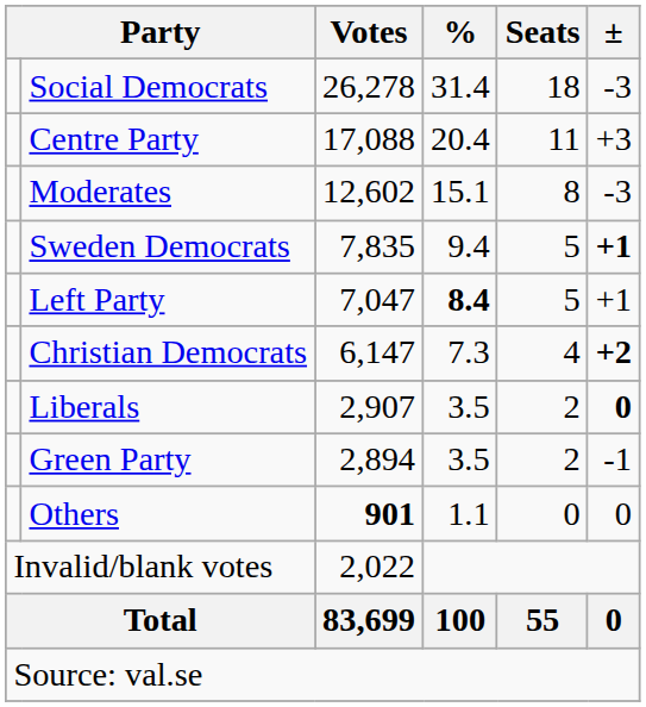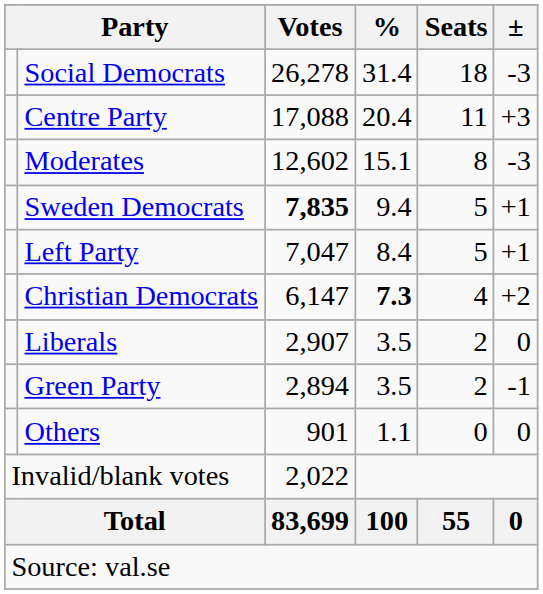 <table class=wikitable style=text-align:right>
 <tr>
 <th colspan=2>Party</th>
 <th>Votes</th>
 <th>%</th>
 <th>Seats</th>
 <th>±</th>
 </tr>
 <tr>
 <td bgcolor=></td>
 <td align=left><a href='#'>Social Democrats</a></td>
 <td>26,278</td>
 <td>31.4</td>
 <td>18</td>
 <td>-3</td>
 </tr>
 <tr>
 <td bgcolor=></td>
 <td align=left><a href='#'>Centre Party</a></td>
 <td>17,088</td>
 <td>20.4</td>
 <td>11</td>
 <td>+3</td>
 </tr>
 <tr>
 <td bgcolor=></td>
 <td align=left><a href='#'>Moderates</a></td>
 <td>12,602</td>
 <td>15.1</td>
 <td>8</td>
 <td>-3</td>
 </tr>
 <tr>
 <td bgcolor=></td>
 <td align=left><a href='#'>Sweden Democrats</a></td>
-<td>7,835</td>
+<td><strong>7,835</strong></td>
 <td>9.4</td>
 <td>5</td>
-<td><strong>+1</strong></td>
+<td>+1</td>
 </tr>
 <tr>
 <td bgcolor=></td>
 <td align=left><a href='#'>Left Party</a></td>
 <td>7,047</td>
-<td><strong>8.4</strong></td>
+<td>8.4</td>
 <td>5</td>
 <td>+1</td>
 </tr>
 <tr>
 <td bgcolor=></td>
 <td align=left><a href='#'>Christian Democrats</a></td>
 <td>6,147</td>
-<td>7.3</td>
+<td><strong>7.3</strong></td>
 <td>4</td>
-<td><strong>+2</strong></td>
+<td>+2</td>
 </tr>
 <tr>
 <td bgcolor=></td>
 <td align=left><a href='#'>Liberals</a></td>
 <td>2,907</td>
 <td>3.5</td>
 <td>2</td>
-<td><strong>0</strong></td>
+<td>0</td>
 </tr>
 <tr>
 <td bgcolor=></td>
 <td align=left><a href='#'>Green Party</a></td>
 <td>2,894</td>
 <td>3.5</td>
 <td>2</td>
 <td>-1</td>
 </tr>
 <tr>
 <td></td>
 <td align=left><a href='#'>Others</a></td>
-<td><strong>901</strong></td>
+<td>901</td>
 <td>1.1</td>
 <td>0</td>
 <td>0</td>
 </tr>
 <tr>
 <td align=left colspan=2>Invalid/blank votes</td>
 <td>2,022</td>
 <td colspan=3></td>
 </tr>
 <tr>
 <th align=left colspan=2>Total</th>
 <th>83,699</th>
 <th>100</th>
 <th>55</th>
 <th>0</th>
 </tr>
 <tr>
 <td align=left colspan=6>Source: val.se </td>
 </tr>
 </table>
